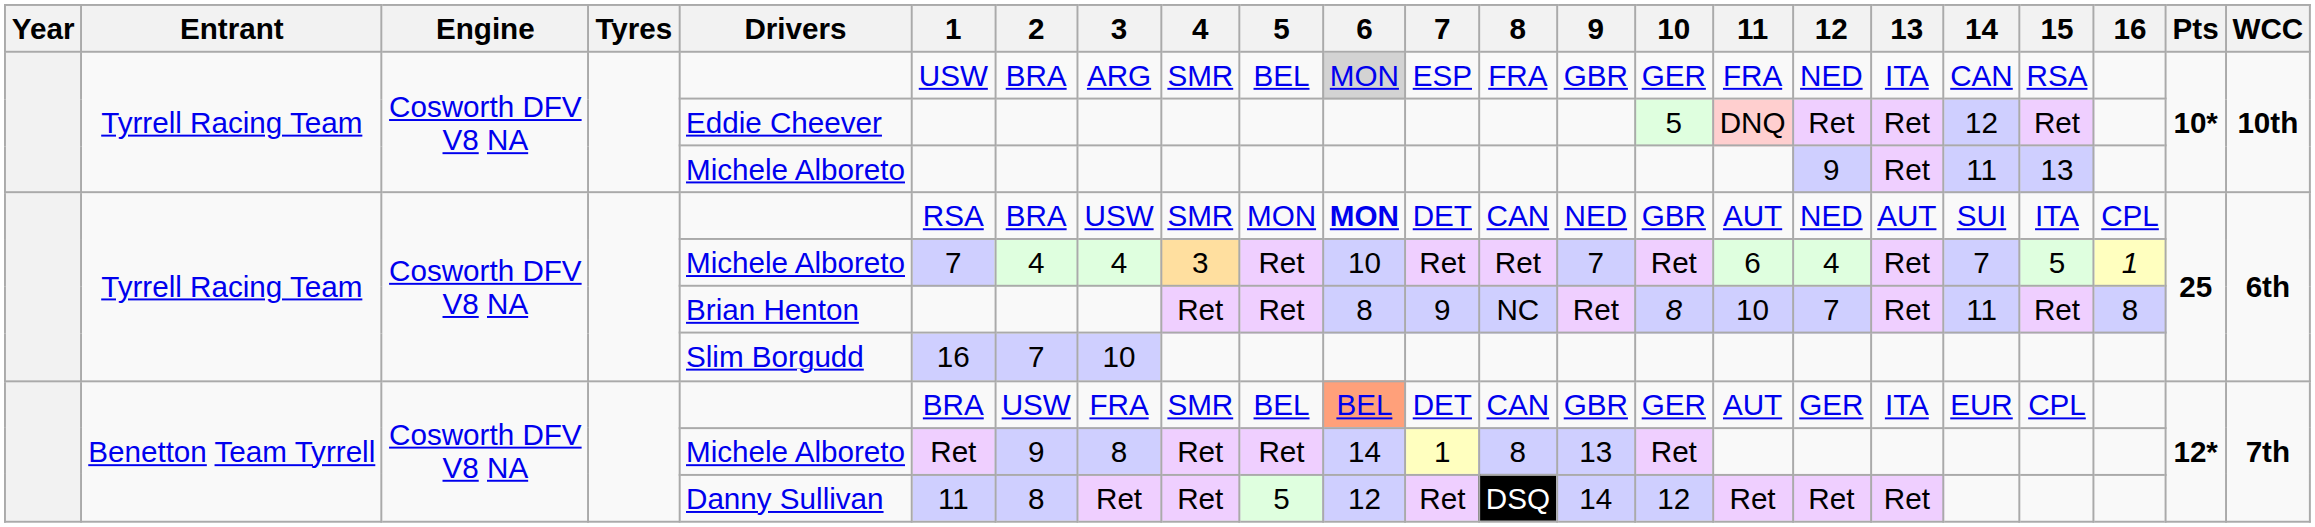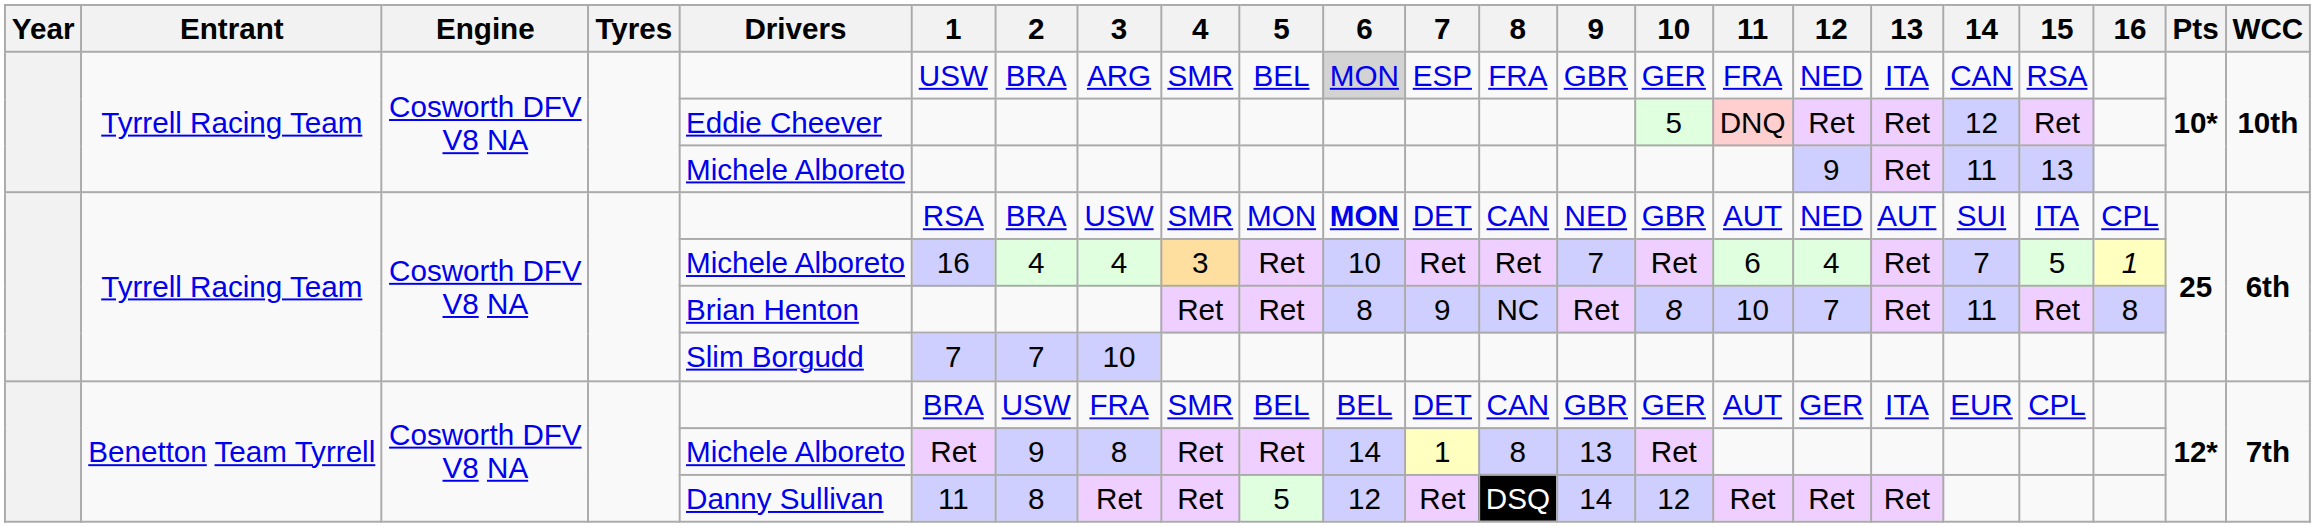 <table class="wikitable" style="text-align:center; font-size:95%">
 <tr>
 <th>Year</th>
 <th>Entrant</th>
 <th>Engine</th>
 <th>Tyres</th>
 <th>Drivers</th>
 <th>1</th>
 <th>2</th>
 <th>3</th>
 <th>4</th>
 <th>5</th>
 <th>6</th>
 <th>7</th>
 <th>8</th>
 <th>9</th>
 <th>10</th>
 <th>11</th>
 <th>12</th>
 <th>13</th>
 <th>14</th>
 <th>15</th>
 <th>16</th>
 <th>Pts</th>
 <th>WCC</th>
 </tr>
 <tr>
 <th rowspan=3></th>
 <td rowspan=3><a href='#'>Tyrrell Racing Team</a></td>
 <td rowspan=3><a href='#'>Cosworth DFV</a><br><a href='#'>V8</a> <a href='#'>NA</a></td>
 <td rowspan=3> </td>
 <td></td>
 <td><a href='#'>USW</a></td>
 <td><a href='#'>BRA</a></td>
 <td><a href='#'>ARG</a></td>
 <td><a href='#'>SMR</a></td>
 <td><a href='#'>BEL</a></td>
 <td style="background: lightgrey;"><a href='#'>MON</a></td>
 <td><a href='#'>ESP</a></td>
 <td><a href='#'>FRA</a></td>
 <td><a href='#'>GBR</a></td>
 <td><a href='#'>GER</a></td>
 <td><a href='#'>FRA</a></td>
 <td><a href='#'>NED</a></td>
 <td><a href='#'>ITA</a></td>
 <td><a href='#'>CAN</a></td>
 <td><a href='#'>RSA</a></td>
 <td></td>
 <td rowspan="3"><strong>10*</strong></td>
 <td rowspan="3"><strong>10th</strong></td>
 </tr>
 <tr>
 <td align="left"><a href='#'>Eddie Cheever</a></td>
 <td></td>
 <td></td>
 <td></td>
 <td></td>
 <td></td>
 <td></td>
 <td></td>
 <td></td>
 <td></td>
 <td style="background:#dfffdf;">5</td>
 <td style="background:#ffcfcf;">DNQ</td>
 <td style="background:#efcfff;">Ret</td>
 <td style="background:#efcfff;">Ret</td>
 <td style="background:#cfcfff;">12</td>
 <td style="background:#efcfff;">Ret</td>
 <td></td>
 </tr>
 <tr>
 <td align="left"><a href='#'>Michele Alboreto</a></td>
 <td></td>
 <td></td>
 <td></td>
 <td></td>
 <td></td>
 <td></td>
 <td></td>
 <td></td>
 <td></td>
 <td></td>
 <td></td>
 <td style="background:#cfcfff;">9</td>
 <td style="background:#efcfff;">Ret</td>
 <td style="background:#cfcfff;">11</td>
 <td style="background:#cfcfff;">13</td>
 <td></td>
 </tr>
 <tr>
 <th rowspan="4"></th>
 <td rowspan="4"><a href='#'>Tyrrell Racing Team</a></td>
 <td rowspan="4"><a href='#'>Cosworth DFV</a><br><a href='#'>V8</a> <a href='#'>NA</a></td>
 <td rowspan="4"></td>
 <td></td>
 <td><a href='#'>RSA</a></td>
 <td><a href='#'>BRA</a></td>
 <td><a href='#'>USW</a></td>
 <td><a href='#'>SMR</a></td>
 <td><a href='#'>MON</a></td>
 <td><strong><a href='#'>MON</a></strong></td>
 <td><a href='#'>DET</a></td>
 <td><a href='#'>CAN</a></td>
 <td><a href='#'>NED</a></td>
 <td><a href='#'>GBR</a></td>
 <td><a href='#'>AUT</a></td>
 <td><a href='#'>NED</a></td>
 <td><a href='#'>AUT</a></td>
 <td><a href='#'>SUI</a></td>
 <td><a href='#'>ITA</a></td>
 <td><a href='#'>CPL</a></td>
 <td rowspan="4"><strong>25</strong></td>
 <td rowspan="4"><strong>6th</strong></td>
 </tr>
 <tr>
 <td align="left"><a href='#'>Michele Alboreto</a></td>
-<td style="background:#cfcfff;">7</td>
+<td style="background:#cfcfff;">16</td>
 <td style="background:#dfffdf;">4</td>
 <td style="background:#dfffdf;">4</td>
 <td style="background:#ffdf9f;">3</td>
 <td style="background:#efcfff;">Ret</td>
 <td style="background:#cfcfff;">10</td>
 <td style="background:#efcfff;">Ret</td>
 <td style="background:#efcfff;">Ret</td>
 <td style="background:#cfcfff;">7</td>
 <td style="background:#efcfff;">Ret</td>
 <td style="background:#dfffdf;">6</td>
 <td style="background:#dfffdf;">4</td>
 <td style="background:#efcfff;">Ret</td>
 <td style="background:#cfcfff;">7</td>
 <td style="background:#dfffdf;">5</td>
 <td style="background:#ffffbf;"><em>1</em></td>
 </tr>
 <tr>
 <td align="left"><a href='#'>Brian Henton</a></td>
 <td></td>
 <td></td>
 <td></td>
 <td style="background:#efcfff;">Ret</td>
 <td style="background:#efcfff;">Ret</td>
 <td style="background:#cfcfff;">8</td>
 <td style="background:#cfcfff;">9</td>
 <td style="background:#cfcfff;">NC</td>
 <td style="background:#efcfff;">Ret</td>
 <td style="background:#cfcfff;"><em>8</em></td>
 <td style="background:#cfcfff;">10</td>
 <td style="background:#cfcfff;">7</td>
 <td style="background:#efcfff;">Ret</td>
 <td style="background:#cfcfff;">11</td>
 <td style="background:#efcfff;">Ret</td>
 <td style="background:#cfcfff;">8</td>
 </tr>
 <tr>
 <td align="left"><a href='#'>Slim Borgudd</a></td>
-<td style="background:#cfcfff;">16</td>
+<td style="background:#cfcfff;">7</td>
 <td style="background:#cfcfff;">7</td>
 <td style="background:#cfcfff;">10</td>
 <td></td>
 <td></td>
 <td></td>
 <td></td>
 <td></td>
 <td></td>
 <td></td>
 <td></td>
 <td></td>
 <td></td>
 <td></td>
 <td></td>
 <td></td>
 </tr>
 <tr>
 <th rowspan="3"></th>
 <td rowspan="3"><a href='#'>Benetton</a> <a href='#'>Team Tyrrell</a></td>
 <td rowspan="3"><a href='#'>Cosworth DFV</a><br><a href='#'>V8</a> <a href='#'>NA</a></td>
 <td rowspan="3"></td>
 <td></td>
 <td><a href='#'>BRA</a></td>
 <td><a href='#'>USW</a></td>
 <td><a href='#'>FRA</a></td>
 <td><a href='#'>SMR</a></td>
 <td><a href='#'>BEL</a></td>
-<td style="background: lightsalmon;"><a href='#'>BEL</a></td>
+<td><a href='#'>BEL</a></td>
 <td><a href='#'>DET</a></td>
 <td><a href='#'>CAN</a></td>
 <td><a href='#'>GBR</a></td>
 <td><a href='#'>GER</a></td>
 <td><a href='#'>AUT</a></td>
 <td><a href='#'>GER</a></td>
 <td><a href='#'>ITA</a></td>
 <td><a href='#'>EUR</a></td>
 <td><a href='#'>CPL</a></td>
 <td></td>
 <td rowspan="3"><strong>12*</strong></td>
 <td rowspan="3"><strong>7th</strong></td>
 </tr>
 <tr>
 <td align="left"><a href='#'>Michele Alboreto</a></td>
 <td style="background:#efcfff;">Ret</td>
 <td style="background:#cfcfff;">9</td>
 <td style="background:#cfcfff;">8</td>
 <td style="background:#efcfff;">Ret</td>
 <td style="background:#efcfff;">Ret</td>
 <td style="background:#cfcfff;">14</td>
 <td style="background:#ffffbf;">1</td>
 <td style="background:#cfcfff;">8</td>
 <td style="background:#cfcfff;">13</td>
 <td style="background:#efcfff;">Ret</td>
 <td></td>
 <td></td>
 <td></td>
 <td></td>
 <td></td>
 <td></td>
 </tr>
 <tr>
 <td align="left"><a href='#'>Danny Sullivan</a></td>
 <td style="background:#cfcfff;">11</td>
 <td style="background:#cfcfff;">8</td>
 <td style="background:#efcfff;">Ret</td>
 <td style="background:#efcfff;">Ret</td>
 <td style="background:#dfffdf;">5</td>
 <td style="background:#cfcfff;">12</td>
 <td style="background:#efcfff;">Ret</td>
 <td style="background:#000000; color:white">DSQ</td>
 <td style="background:#cfcfff;">14</td>
 <td style="background:#cfcfff;">12</td>
 <td style="background:#efcfff;">Ret</td>
 <td style="background:#efcfff;">Ret</td>
 <td style="background:#efcfff;">Ret</td>
 <td></td>
 <td></td>
 <td></td>
 </tr>
 </table>
